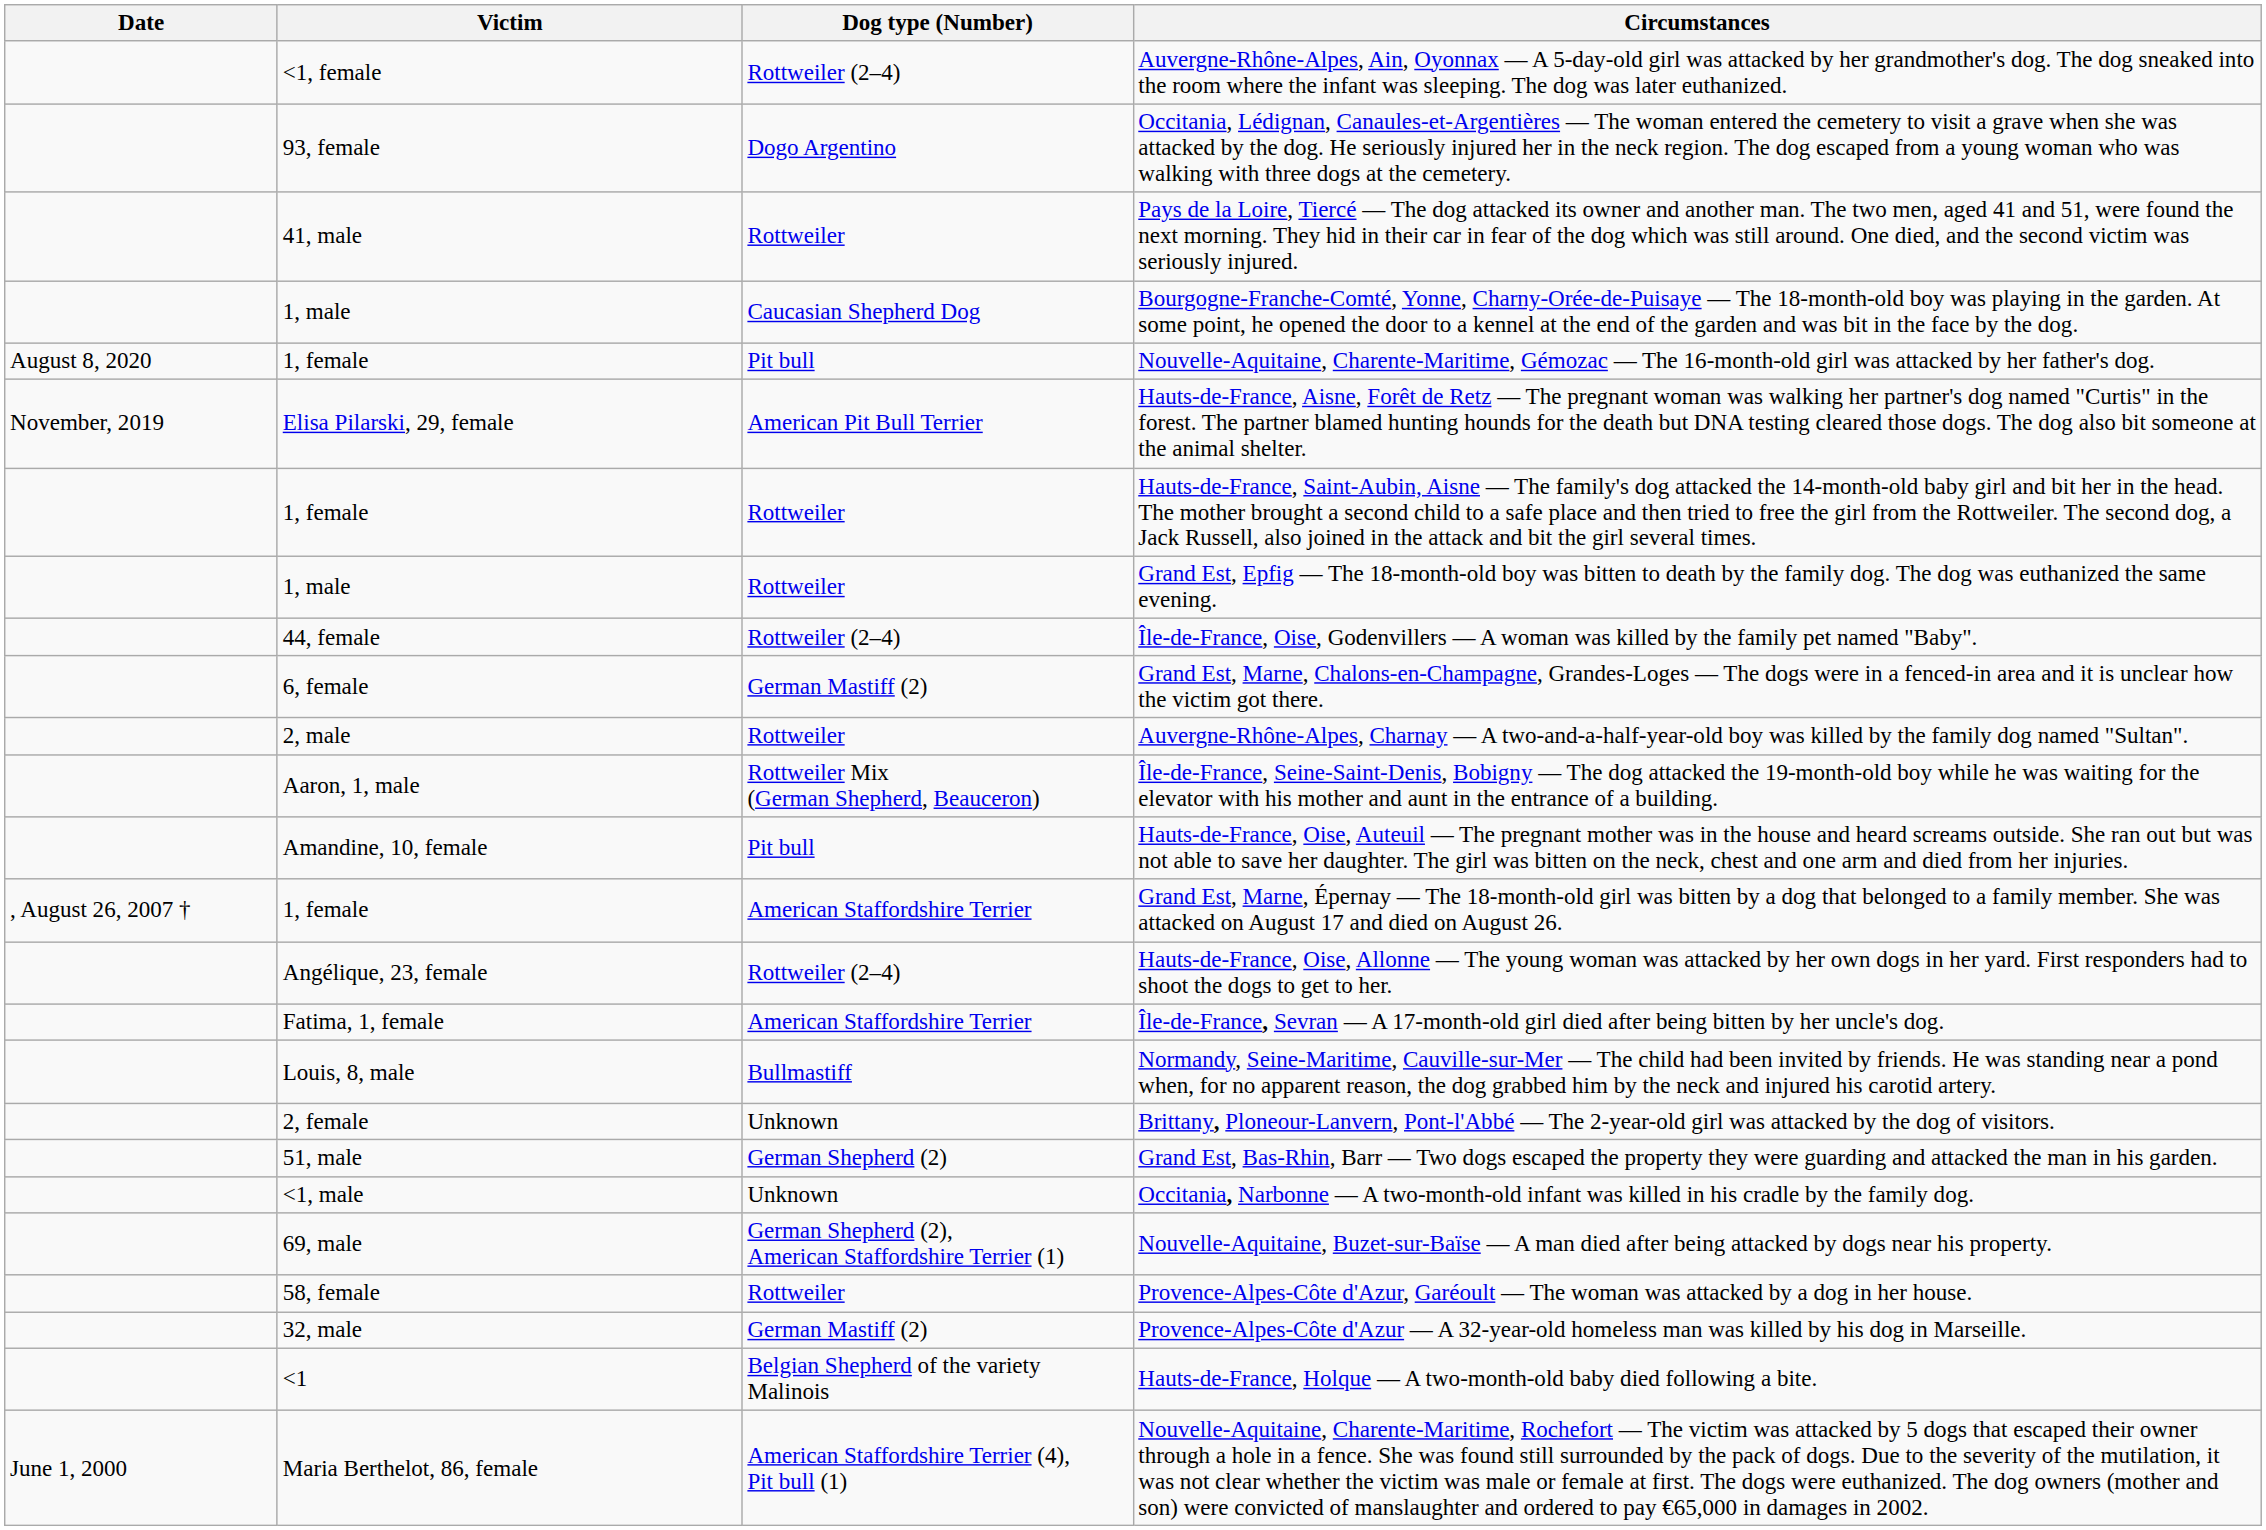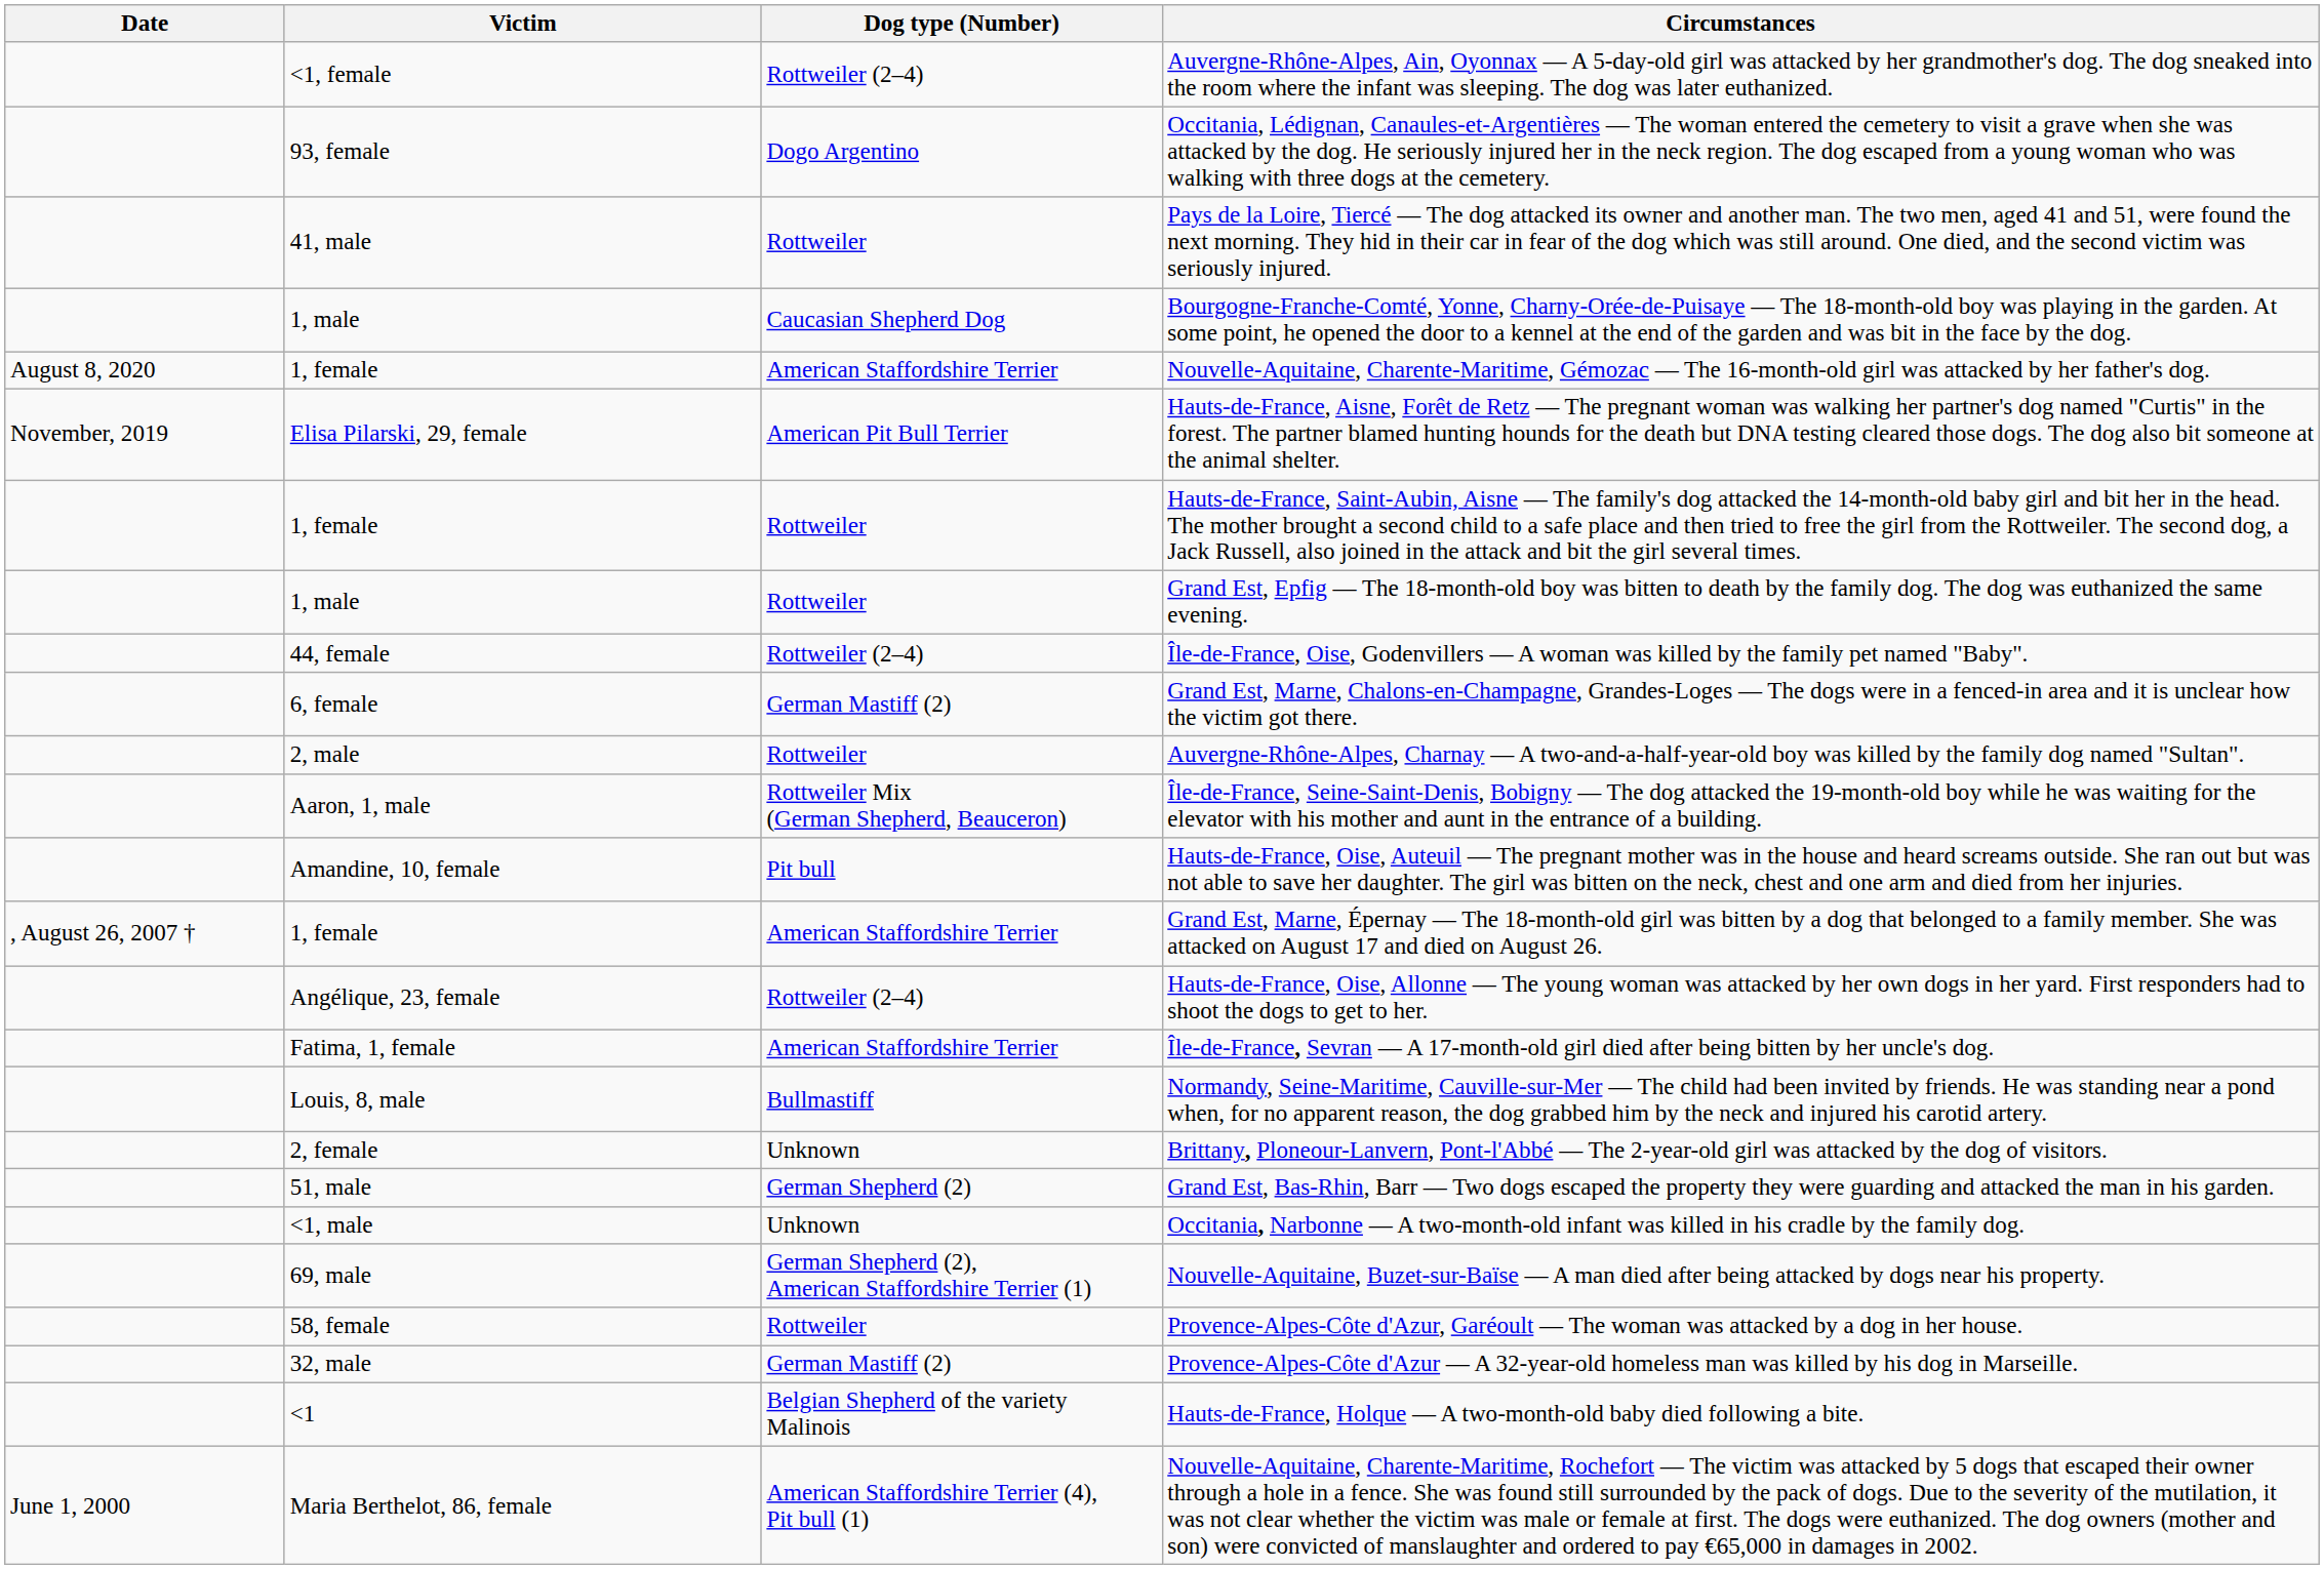 <table class="wikitable sortable">
 <tr>
 <th width="85">Date</th>
 <th style="width:150px;">Victim</th>
 <th style="width:125px;">Dog type (Number)</th>
 <th width="50%">Circumstances</th>
 </tr>
 <tr>
 <td></td>
 <td><1, female</td>
 <td><a href='#'>Rottweiler</a> (2–4)</td>
 <td><a href='#'>Auvergne-Rhône-Alpes</a>, <a href='#'>Ain</a>, <a href='#'>Oyonnax</a> — A 5-day-old girl was attacked by her grandmother's dog. The dog sneaked into the room where the infant was sleeping. The dog was later euthanized.</td>
 </tr>
 <tr>
 <td></td>
 <td>93, female</td>
 <td><a href='#'>Dogo Argentino</a></td>
 <td><a href='#'>Occitania</a>, <a href='#'>Lédignan</a>, <a href='#'>Canaules-et-Argentières</a> — The woman entered the cemetery to visit a grave when she was attacked by the dog. He seriously injured her in the neck region. The dog escaped from a young woman who was walking with three dogs at the cemetery.</td>
 </tr>
 <tr>
 <td></td>
 <td>41, male</td>
 <td><a href='#'>Rottweiler</a></td>
 <td><a href='#'>Pays de la Loire</a>, <a href='#'>Tiercé</a> — The dog attacked its owner and another man. The two men, aged 41 and 51, were found the next morning. They hid in their car in fear of the dog which was still around. One died, and the second victim was seriously injured.</td>
 </tr>
 <tr>
 <td></td>
 <td>1, male</td>
 <td><a href='#'>Caucasian Shepherd Dog</a></td>
 <td><a href='#'>Bourgogne-Franche-Comté</a>, <a href='#'>Yonne</a>, <a href='#'>Charny-Orée-de-Puisaye</a> — The 18-month-old boy was playing in the garden. At some point, he opened the door to a kennel at the end of the garden and was bit in the face by the dog.</td>
 </tr>
 <tr>
 <td>August 8, 2020</td>
 <td>1, female</td>
-<td><a href='#'>Pit bull</a></td>
+<td><a href='#'>American Staffordshire Terrier</a></td>
 <td><a href='#'>Nouvelle-Aquitaine</a>, <a href='#'>Charente-Maritime</a>, <a href='#'>Gémozac</a> — The 16-month-old girl was attacked by her father's dog.</td>
 </tr>
 <tr>
 <td>November, 2019</td>
 <td><a href='#'>Elisa Pilarski</a>, 29, female</td>
 <td><a href='#'>American Pit Bull Terrier</a></td>
 <td><a href='#'>Hauts-de-France</a>, <a href='#'>Aisne</a>, <a href='#'>Forêt de Retz</a> — The pregnant woman was walking her partner's dog named "Curtis" in the forest. The partner blamed hunting hounds for the death but DNA testing cleared those dogs. The dog also bit someone at the animal shelter.</td>
 </tr>
 <tr>
 <td></td>
 <td>1, female</td>
 <td><a href='#'>Rottweiler</a></td>
 <td><a href='#'>Hauts-de-France</a>, <a href='#'>Saint-Aubin, Aisne</a> — The family's dog attacked the 14-month-old baby girl and bit her in the head. The mother brought a second child to a safe place and then tried to free the girl from the Rottweiler. The second dog, a Jack Russell, also joined in the attack and bit the girl several times.</td>
 </tr>
 <tr>
 <td></td>
 <td>1, male</td>
 <td><a href='#'>Rottweiler</a></td>
 <td><a href='#'>Grand Est</a>, <a href='#'>Epfig</a> — The 18-month-old boy was bitten to death by the family dog. The dog was euthanized the same evening.</td>
 </tr>
 <tr>
 <td></td>
 <td>44, female</td>
 <td><a href='#'>Rottweiler</a> (2–4)</td>
 <td><a href='#'>Île-de-France</a>, <a href='#'>Oise</a>, Godenvillers — A woman was killed by the family pet named "Baby".</td>
 </tr>
 <tr>
 <td></td>
 <td>6, female</td>
 <td><a href='#'>German Mastiff</a> (2)</td>
 <td><a href='#'>Grand Est</a>, <a href='#'>Marne</a>, <a href='#'>Chalons-en-Champagne</a>, Grandes-Loges — The dogs were in a fenced-in area and it is unclear how the victim got there.</td>
 </tr>
 <tr>
 <td></td>
 <td>2, male</td>
 <td><a href='#'>Rottweiler</a></td>
 <td><a href='#'>Auvergne-Rhône-Alpes</a>, <a href='#'>Charnay</a> — A two-and-a-half-year-old boy was killed by the family dog named "Sultan".</td>
 </tr>
 <tr>
 <td></td>
 <td>Aaron, 1, male</td>
 <td><a href='#'>Rottweiler</a> Mix<br>(<a href='#'>German Shepherd</a>, <a href='#'>Beauceron</a>)</td>
 <td><a href='#'>Île-de-France</a>, <a href='#'>Seine-Saint-Denis</a>, <a href='#'>Bobigny</a> — The dog attacked the 19-month-old boy while he was waiting for the elevator with his mother and aunt in the entrance of a building.</td>
 </tr>
 <tr>
 <td></td>
 <td>Amandine, 10, female</td>
 <td><a href='#'>Pit bull</a></td>
 <td><a href='#'>Hauts-de-France</a>, <a href='#'>Oise</a>, <a href='#'>Auteuil</a> — The pregnant mother was in the house and heard screams outside. She ran out but was not able to save her daughter. The girl was bitten on the neck, chest and one arm and died from her injuries.</td>
 </tr>
 <tr>
 <td>, August 26, 2007 †</td>
 <td>1, female</td>
 <td><a href='#'>American Staffordshire Terrier</a></td>
 <td><a href='#'>Grand Est</a>, <a href='#'>Marne</a>, Épernay — The 18-month-old girl was bitten by a dog that belonged to a family member. She was attacked on August 17 and died on August 26.</td>
 </tr>
 <tr>
 <td></td>
 <td>Angélique, 23, female</td>
 <td><a href='#'>Rottweiler</a> (2–4)</td>
 <td><a href='#'>Hauts-de-France</a>, <a href='#'>Oise</a>, <a href='#'>Allonne</a> — The young woman was attacked by her own dogs in her yard. First responders had to shoot the dogs to get to her.</td>
 </tr>
 <tr>
 <td></td>
 <td>Fatima, 1, female</td>
 <td><a href='#'>American Staffordshire Terrier</a></td>
 <td><a href='#'>Île-de-France</a><strong>,</strong> <a href='#'>Sevran</a> — A 17-month-old girl died after being bitten by her uncle's dog.</td>
 </tr>
 <tr>
 <td></td>
 <td>Louis, 8, male</td>
 <td><a href='#'>Bullmastiff</a></td>
 <td><a href='#'>Normandy</a>, <a href='#'>Seine-Maritime</a>, <a href='#'>Cauville-sur-Mer</a> — The child had been invited by friends. He was standing near a pond when, for no apparent reason, the dog grabbed him by the neck and injured his carotid artery.</td>
 </tr>
 <tr>
 <td></td>
 <td>2, female</td>
 <td>Unknown</td>
 <td><a href='#'>Brittany</a><strong>,</strong> <a href='#'>Ploneour-Lanvern</a>, <a href='#'>Pont-l'Abbé</a> — The 2-year-old girl was attacked by the dog of visitors.</td>
 </tr>
 <tr>
 <td></td>
 <td>51, male</td>
 <td><a href='#'>German Shepherd</a> (2)</td>
 <td><a href='#'>Grand Est</a>, <a href='#'>Bas-Rhin</a>, Barr — Two dogs escaped the property they were guarding and attacked the man in his garden.</td>
 </tr>
 <tr>
 <td></td>
 <td><1, male</td>
 <td>Unknown</td>
 <td><a href='#'>Occitania</a><strong>,</strong> <a href='#'>Narbonne</a> — A two-month-old infant was killed in his cradle by the family dog.</td>
 </tr>
 <tr>
 <td></td>
 <td>69, male</td>
 <td><a href='#'>German Shepherd</a> (2),<br><a href='#'>American Staffordshire Terrier</a> (1)</td>
 <td><a href='#'>Nouvelle-Aquitaine</a>, <a href='#'>Buzet-sur-Baïse</a> — A man died after being attacked by dogs near his property.</td>
 </tr>
 <tr>
 <td></td>
 <td>58, female</td>
 <td><a href='#'>Rottweiler</a></td>
 <td><a href='#'>Provence-Alpes-Côte d'Azur</a>, <a href='#'>Garéoult</a> — The woman was attacked by a dog in her house.</td>
 </tr>
 <tr>
 <td></td>
 <td>32, male</td>
 <td><a href='#'>German Mastiff</a> (2)</td>
 <td><a href='#'>Provence-Alpes-Côte d'Azur</a> — A 32-year-old homeless man was killed by his dog in Marseille.</td>
 </tr>
 <tr>
 <td></td>
 <td><1</td>
 <td><a href='#'>Belgian Shepherd</a> of the variety Malinois</td>
 <td><a href='#'>Hauts-de-France</a>, <a href='#'>Holque</a> — A two-month-old baby died following a bite.</td>
 </tr>
 <tr>
 <td>June 1, 2000</td>
 <td>Maria Berthelot, 86, female</td>
 <td><a href='#'>American Staffordshire Terrier</a> (4),<br><a href='#'>Pit bull</a> (1)</td>
 <td><a href='#'>Nouvelle-Aquitaine</a>, <a href='#'>Charente-Maritime</a>, <a href='#'>Rochefort</a> — The victim was attacked by 5 dogs that escaped their owner through a hole in a fence. She was found still surrounded by the pack of dogs. Due to the severity of the mutilation, it was not clear whether the victim was male or female at first. The dogs were euthanized. The dog owners (mother and son) were convicted of manslaughter and ordered to pay €65,000 in damages in 2002.</td>
 </tr>
 </table>
